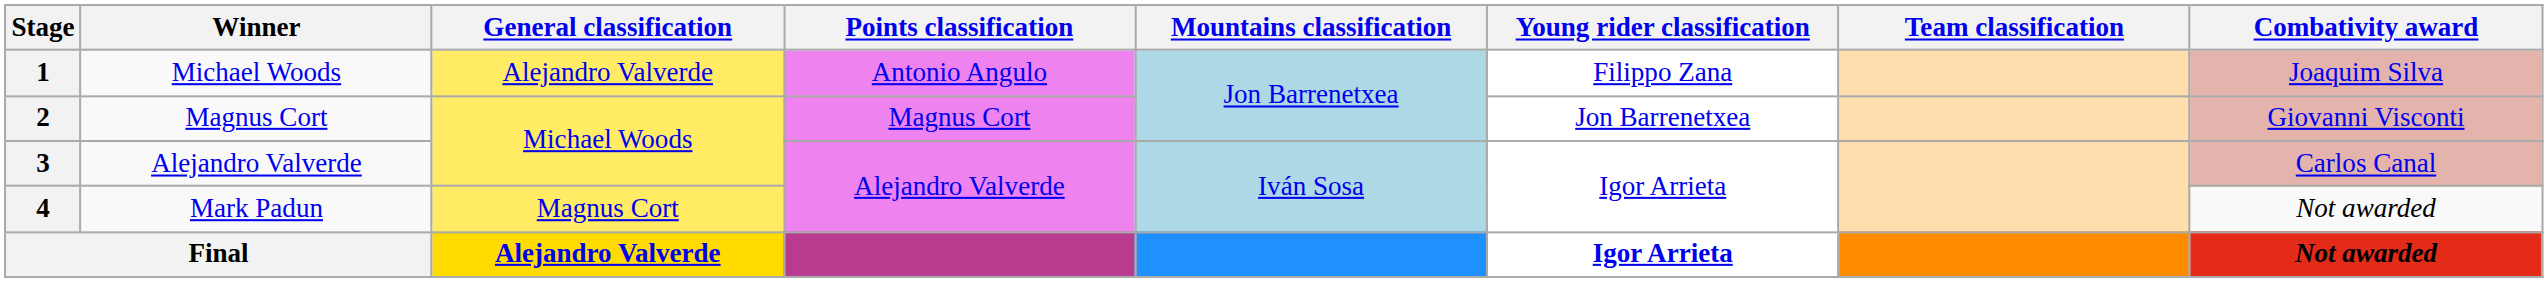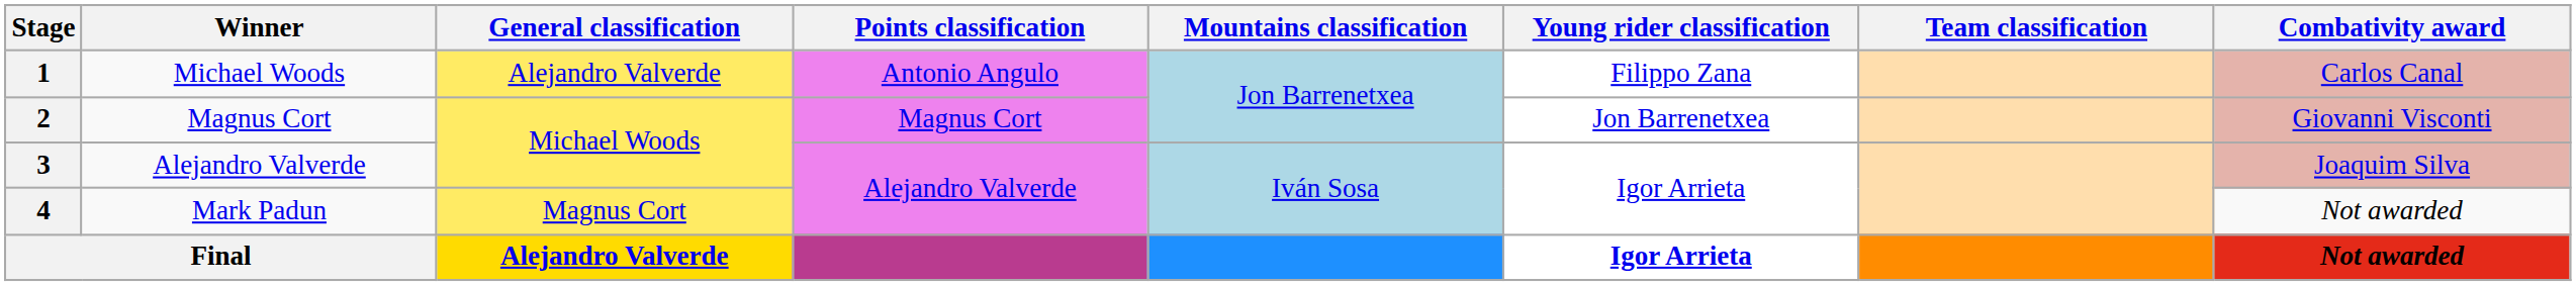 <table class="wikitable" style="text-align: center; font-size:smaller;">
 <tr style="background:#efefef;">
 <th style="width:2%;">Stage</th>
 <th style="width:14%;">Winner</th>
 <th style="width:14%;"><a href='#'>General classification</a><br></th>
 <th style="width:14%;"><a href='#'>Points classification</a><br></th>
 <th style="width:14%;"><a href='#'>Mountains classification</a><br></th>
 <th style="width:14%;"><a href='#'>Young rider classification</a><br></th>
 <th style="width:14%;"><a href='#'>Team classification</a></th>
 <th style="width:14%;"><a href='#'>Combativity award</a></th>
 </tr>
 <tr>
 <th>1</th>
 <td><a href='#'>Michael Woods</a></td>
 <td style="background:#FFEB64;"><a href='#'>Alejandro Valverde</a></td>
 <td style="background:violet;"><a href='#'>Antonio Angulo</a></td>
 <td style="background:lightblue;" rowspan="2"><a href='#'>Jon Barrenetxea</a></td>
 <td style="background:white;"><a href='#'>Filippo Zana</a></td>
 <td style="background:navajowhite;"></td>
-<td style="background:#E4B3AB;"><a href='#'>Joaquim Silva</a></td>
+<td style="background:#E4B3AB;"><a href='#'>Carlos Canal</a></td>
 </tr>
 <tr>
 <th>2</th>
 <td><a href='#'>Magnus Cort</a></td>
 <td style="background:#FFEB64;" rowspan="2"><a href='#'>Michael Woods</a></td>
 <td style="background:violet;"><a href='#'>Magnus Cort</a></td>
 <td style="background:white;"><a href='#'>Jon Barrenetxea</a></td>
 <td style="background:navajowhite;"></td>
 <td style="background:#E4B3AB;"><a href='#'>Giovanni Visconti</a></td>
 </tr>
 <tr>
 <th>3</th>
 <td><a href='#'>Alejandro Valverde</a></td>
 <td style="background:violet;" rowspan="2"><a href='#'>Alejandro Valverde</a></td>
 <td style="background:lightblue;" rowspan="2"><a href='#'>Iván Sosa</a></td>
 <td style="background:white;" rowspan="2"><a href='#'>Igor Arrieta</a></td>
 <td style="background:navajowhite;" rowspan="2"></td>
-<td style="background:#E4B3AB;"><a href='#'>Carlos Canal</a></td>
+<td style="background:#E4B3AB;"><a href='#'>Joaquim Silva</a></td>
 </tr>
 <tr>
 <th>4</th>
 <td><a href='#'>Mark Padun</a></td>
 <td style="background:#FFEB64;"><a href='#'>Magnus Cort</a></td>
 <td><em>Not awarded</em></td>
 </tr>
 <tr>
 <th colspan="2">Final</th>
 <th style="background:#FFDB00;"><a href='#'>Alejandro Valverde</a></th>
 <th style="background:#B93B8F;"></th>
 <th style="background:dodgerblue;"></th>
 <th style="background:white;"><a href='#'>Igor Arrieta</a></th>
 <th style="background:#FF8C00;"></th>
 <th style="background:#E42A19;"><em>Not awarded</em></th>
 </tr>
 </table>
